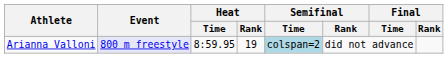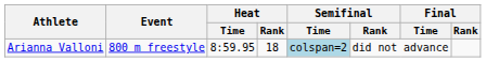 <table class="wikitable" style="text-align:center; font-size:90%">
 <tr>
 <th rowspan="2">Athlete</th>
 <th rowspan="2">Event</th>
 <th colspan="2">Heat</th>
 <th colspan="2">Semifinal</th>
 <th colspan="2">Final</th>
 </tr>
 <tr style="font-size:95%">
 <th>Time</th>
 <th>Rank</th>
 <th>Time</th>
 <th>Rank</th>
 <th>Time</th>
 <th>Rank</th>
 </tr>
 <tr>
 <td align=left><a href='#'>Arianna Valloni</a></td>
-<td align=left style="background: lavender;"><a href='#'>800 m freestyle</a></td>
+<td align=left><a href='#'>800 m freestyle</a></td>
 <td>8:59.95</td>
-<td>19</td>
+<td>18</td>
 <td style="background: lightblue;">colspan=2 </td>
 <td colspan=2>did not advance</td>
 </tr>
 </table>
